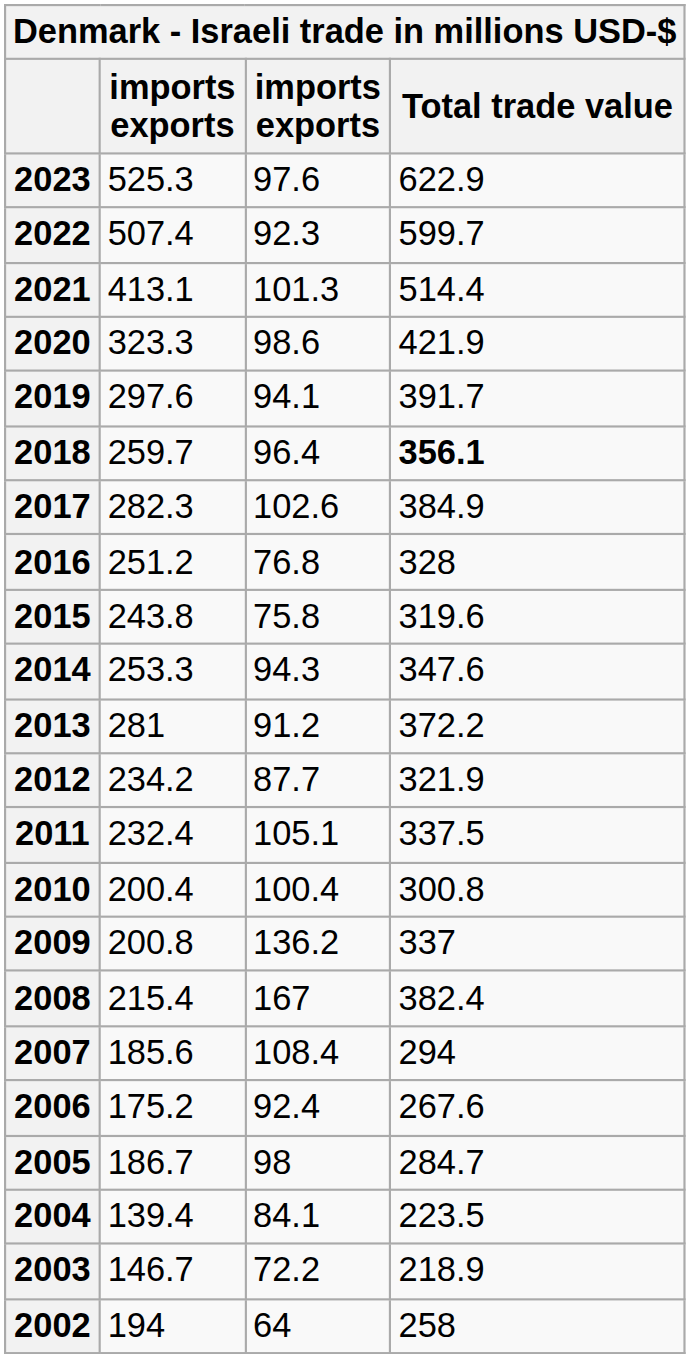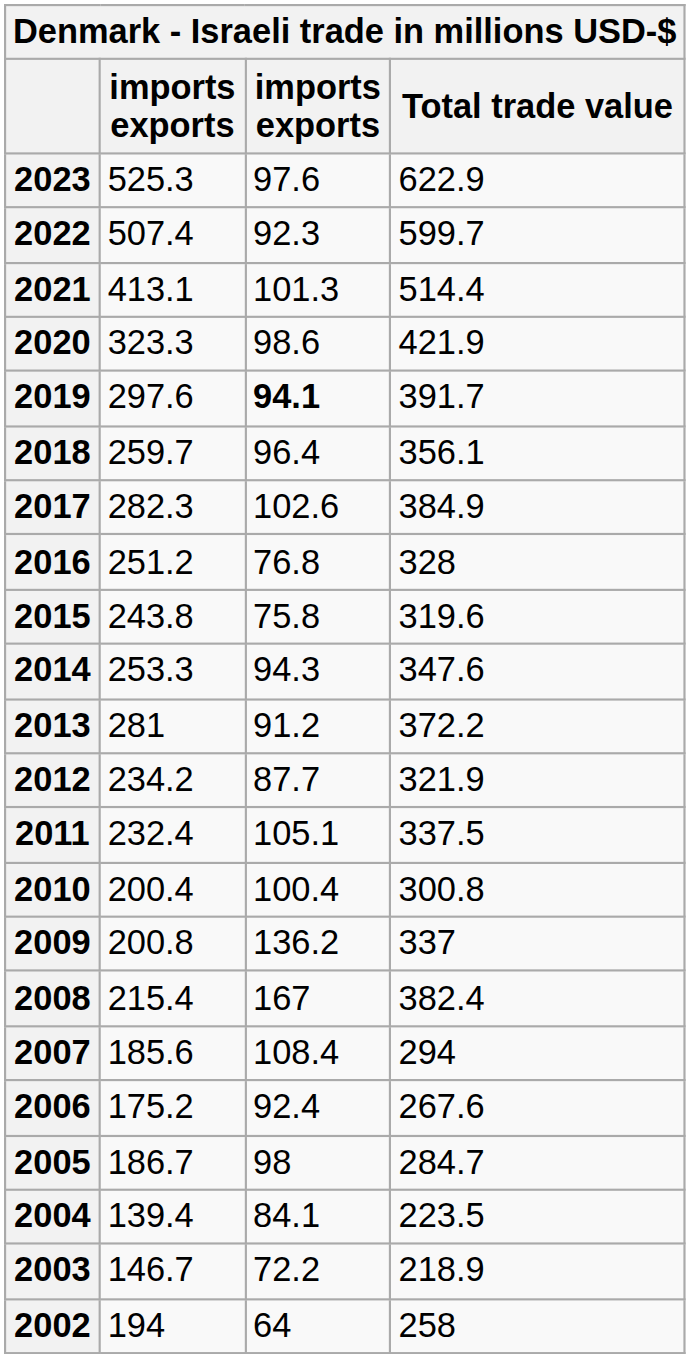 <table class="wikitable mw-collapsible mw-collapsed">
 <tr>
 <th colspan="4">Denmark - Israeli trade in millions USD-$</th>
 </tr>
 <tr>
 <th></th>
 <th> imports<br> exports</th>
 <th> imports<br> exports</th>
 <th>Total trade value</th>
 </tr>
 <tr>
 <th>2023</th>
 <td>525.3</td>
 <td>97.6</td>
 <td>622.9</td>
 </tr>
 <tr>
 <th>2022</th>
 <td>507.4</td>
 <td>92.3</td>
 <td>599.7</td>
 </tr>
 <tr>
 <th>2021</th>
 <td>413.1</td>
 <td>101.3</td>
 <td>514.4</td>
 </tr>
 <tr>
 <th>2020</th>
 <td>323.3</td>
 <td>98.6</td>
 <td>421.9</td>
 </tr>
 <tr>
 <th>2019</th>
 <td>297.6</td>
-<td>94.1</td>
+<td><strong>94.1</strong></td>
 <td>391.7</td>
 </tr>
 <tr>
 <th>2018</th>
 <td>259.7</td>
 <td>96.4</td>
-<td><strong>356.1</strong></td>
+<td>356.1</td>
 </tr>
 <tr>
 <th>2017</th>
 <td>282.3</td>
 <td>102.6</td>
 <td>384.9</td>
 </tr>
 <tr>
 <th>2016</th>
 <td>251.2</td>
 <td>76.8</td>
 <td>328</td>
 </tr>
 <tr>
 <th>2015</th>
 <td>243.8</td>
 <td>75.8</td>
 <td>319.6</td>
 </tr>
 <tr>
 <th>2014</th>
 <td>253.3</td>
 <td>94.3</td>
 <td>347.6</td>
 </tr>
 <tr>
 <th>2013</th>
 <td>281</td>
 <td>91.2</td>
 <td>372.2</td>
 </tr>
 <tr>
 <th>2012</th>
 <td>234.2</td>
 <td>87.7</td>
 <td>321.9</td>
 </tr>
 <tr>
 <th>2011</th>
 <td>232.4</td>
 <td>105.1</td>
 <td>337.5</td>
 </tr>
 <tr>
 <th>2010</th>
 <td>200.4</td>
 <td>100.4</td>
 <td>300.8</td>
 </tr>
 <tr>
 <th>2009</th>
 <td>200.8</td>
 <td>136.2</td>
 <td>337</td>
 </tr>
 <tr>
 <th>2008</th>
 <td>215.4</td>
 <td>167</td>
 <td>382.4</td>
 </tr>
 <tr>
 <th>2007</th>
 <td>185.6</td>
 <td>108.4</td>
 <td>294</td>
 </tr>
 <tr>
 <th>2006</th>
 <td>175.2</td>
 <td>92.4</td>
 <td>267.6</td>
 </tr>
 <tr>
 <th>2005</th>
 <td>186.7</td>
 <td>98</td>
 <td>284.7</td>
 </tr>
 <tr>
 <th>2004</th>
 <td>139.4</td>
 <td>84.1</td>
 <td>223.5</td>
 </tr>
 <tr>
 <th>2003</th>
 <td>146.7</td>
 <td>72.2</td>
 <td>218.9</td>
 </tr>
 <tr>
 <th>2002</th>
 <td>194</td>
 <td>64</td>
 <td>258</td>
 </tr>
 </table>
